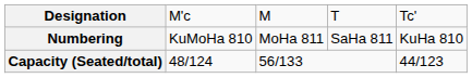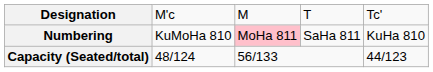 <table class="wikitable">
 <tr>
 <th>Designation</th>
 <td>M'c</td>
 <td>M</td>
 <td>T</td>
 <td>Tc'</td>
 </tr>
 <tr>
 <th>Numbering</th>
 <td>KuMoHa 810</td>
-<td>MoHa 811</td>
+<td style="background: pink;">MoHa 811</td>
 <td>SaHa 811</td>
 <td>KuHa 810</td>
 </tr>
 <tr>
 <th>Capacity (Seated/total)</th>
 <td>48/124</td>
 <td colspan="2">56/133</td>
 <td>44/123</td>
 </tr>
 </table>
